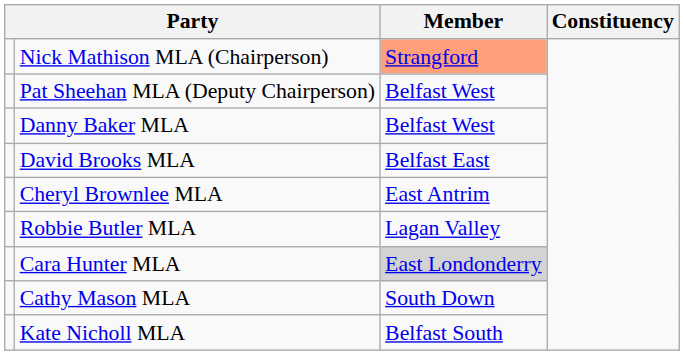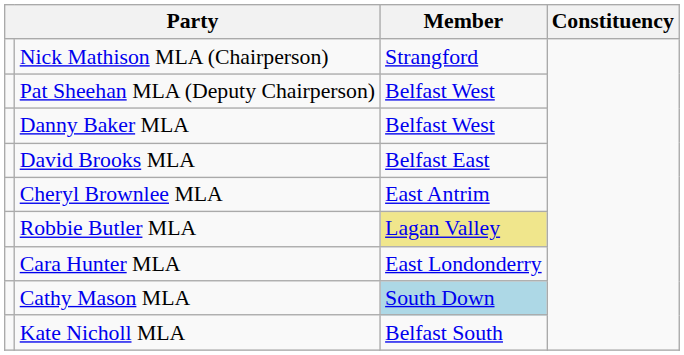 <table class="wikitable" border="1">
 <tr>
 <th colspan="2" scope="col">Party</th>
 <th scope="col">Member</th>
 <th scope="col">Constituency</th>
 </tr>
 <tr>
 <td></td>
 <td><a href='#'>Nick Mathison</a> MLA (Chairperson)</td>
-<td style="background: lightsalmon;"><a href='#'>Strangford</a></td>
+<td><a href='#'>Strangford</a></td>
 </tr>
 <tr>
 <td></td>
 <td><a href='#'>Pat Sheehan</a> MLA (Deputy Chairperson)</td>
 <td><a href='#'>Belfast West</a></td>
 </tr>
 <tr>
 <td></td>
 <td><a href='#'>Danny Baker</a> MLA</td>
 <td><a href='#'>Belfast West</a></td>
 </tr>
 <tr>
 <td></td>
 <td><a href='#'>David Brooks</a> MLA</td>
 <td><a href='#'>Belfast East</a></td>
 </tr>
 <tr>
 <td></td>
 <td><a href='#'>Cheryl Brownlee</a> MLA</td>
 <td><a href='#'>East Antrim</a></td>
 </tr>
 <tr>
 <td></td>
 <td><a href='#'>Robbie Butler</a> MLA</td>
-<td><a href='#'>Lagan Valley</a></td>
+<td style="background: khaki;"><a href='#'>Lagan Valley</a></td>
 </tr>
 <tr>
 <td></td>
 <td><a href='#'>Cara Hunter</a> MLA</td>
-<td style="background: lightgrey;"><a href='#'>East Londonderry</a></td>
+<td><a href='#'>East Londonderry</a></td>
 </tr>
 <tr>
 <td></td>
 <td><a href='#'>Cathy Mason</a> MLA</td>
-<td><a href='#'>South Down</a></td>
+<td style="background: lightblue;"><a href='#'>South Down</a></td>
 </tr>
 <tr>
 <td></td>
 <td><a href='#'>Kate Nicholl</a> MLA</td>
 <td><a href='#'>Belfast South</a></td>
 </tr>
 </table>
